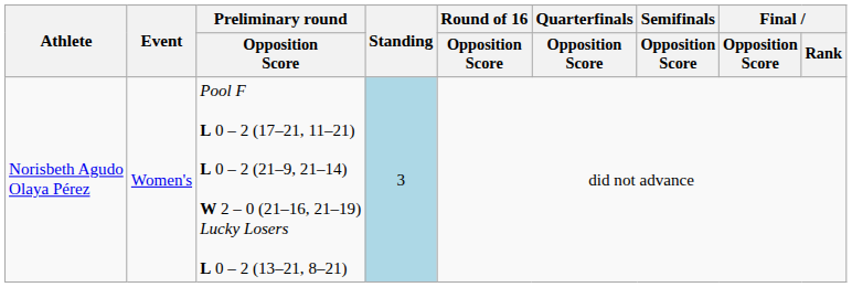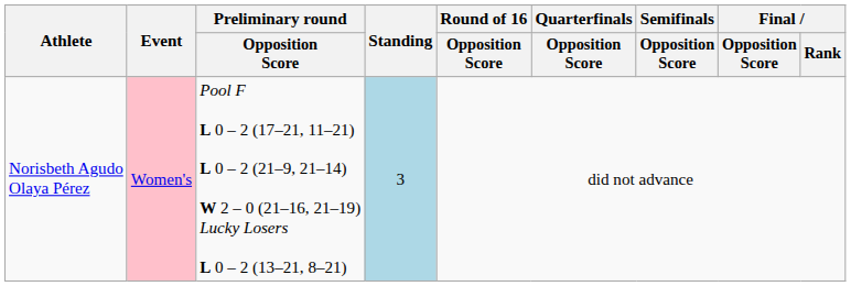 <table class=wikitable style="font-size:90%">
 <tr>
 <th rowspan="2">Athlete</th>
 <th rowspan="2">Event</th>
 <th>Preliminary round</th>
 <th rowspan="2">Standing</th>
 <th>Round of 16</th>
 <th>Quarterfinals</th>
 <th>Semifinals</th>
 <th colspan=2>Final / </th>
 </tr>
 <tr style="font-size:95%">
 <th>Opposition<br>Score</th>
 <th>Opposition<br>Score</th>
 <th>Opposition<br>Score</th>
 <th>Opposition<br>Score</th>
 <th>Opposition<br>Score</th>
 <th>Rank</th>
 </tr>
 <tr align=center>
 <td align=left><a href='#'>Norisbeth Agudo</a><br><a href='#'>Olaya Pérez</a></td>
-<td align=left><a href='#'>Women's</a></td>
+<td align=left style="background: pink;"><a href='#'>Women's</a></td>
 <td align=left><em>Pool F</em><br><br><strong>L</strong> 0 – 2 (17–21, 11–21) <br><br><strong>L</strong> 0 – 2 (21–9, 21–14)<br><br><strong>W</strong> 2 – 0 (21–16, 21–19)<br><em>Lucky Losers</em><br><br><strong>L</strong> 0 – 2 (13–21, 8–21)</td>
 <td style="background: lightblue;">3</td>
 <td colspan=5>did not advance</td>
 </tr>
 </table>
